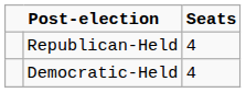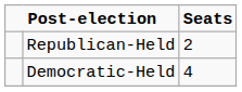 <table class= "wikitable">
 <tr>
 <td colspan= "2" rowspan= "1" align= "center" valign= "top"><strong>Post-election</strong></td>
 <td valign= "top"><strong>Seats</strong><br></td>
 </tr>
 <tr>
 <td style="background-color:"> </td>
 <td>Republican-Held</td>
-<td>4</td>
+<td>2</td>
 </tr>
 <tr>
 <td style="background-color:"> </td>
 <td>Democratic-Held</td>
 <td>4</td>
 </tr>
 <tr>
 </tr>
 </table>
